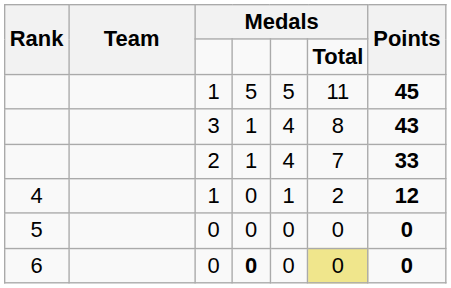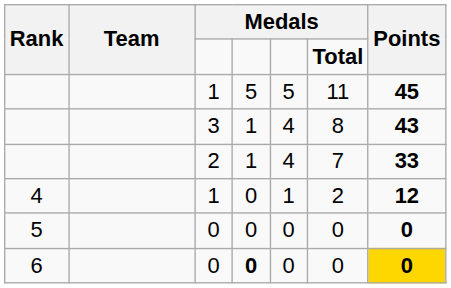 <table class="wikitable">
 <tr>
 <th rowspan=2>Rank</th>
 <th style="width:85px;" rowspan="2">Team</th>
 <th colspan=4>Medals</th>
 <th rowspan=2>Points</th>
 </tr>
 <tr>
 <td style="width:20px; text-align:center;"></td>
 <td style="width:20px; text-align:center;"></td>
 <td style="width:20px; text-align:center;"></td>
 <td><strong>Total</strong></td>
 </tr>
 <tr>
 <td align=center></td>
 <td></td>
 <td align=center>1</td>
 <td align=center>5</td>
 <td align=center>5</td>
 <td align=center>11</td>
 <td align=center><strong>45</strong></td>
 </tr>
 <tr>
 <td align=center></td>
 <td></td>
 <td align=center>3</td>
 <td align=center>1</td>
 <td align=center>4</td>
 <td align=center>8</td>
 <td align=center><strong>43</strong></td>
 </tr>
 <tr>
 <td align=center></td>
 <td></td>
 <td align=center>2</td>
 <td align=center>1</td>
 <td align=center>4</td>
 <td align=center>7</td>
 <td align=center><strong>33</strong></td>
 </tr>
 <tr>
 <td align=center>4</td>
 <td></td>
 <td align=center>1</td>
 <td align=center>0</td>
 <td align=center>1</td>
 <td align=center>2</td>
 <td align=center><strong>12</strong></td>
 </tr>
 <tr>
 <td align=center>5</td>
 <td></td>
 <td align=center>0</td>
 <td align=center>0</td>
 <td align=center>0</td>
 <td align=center>0</td>
 <td align=center><strong>0</strong></td>
 </tr>
 <tr>
 <td align=center>6</td>
 <td></td>
 <td align=center>0</td>
 <td align=center><strong>0</strong></td>
 <td align=center>0</td>
-<td align=center style="background: khaki;">0</td>
-<td align=center><strong>0</strong></td>
+<td align=center>0</td>
+<td align=center style="background: gold;"><strong>0</strong></td>
 </tr>
 </table>
